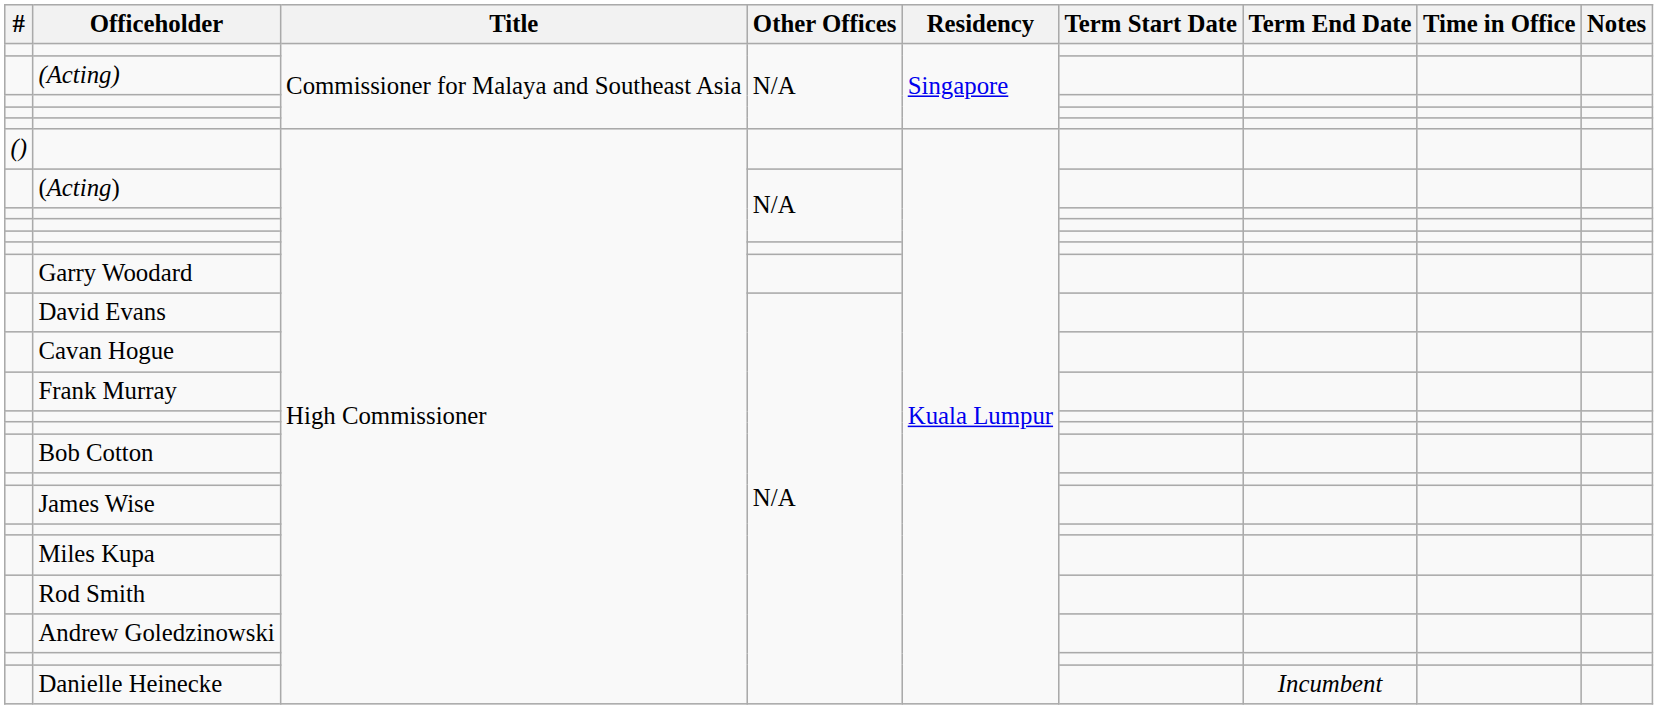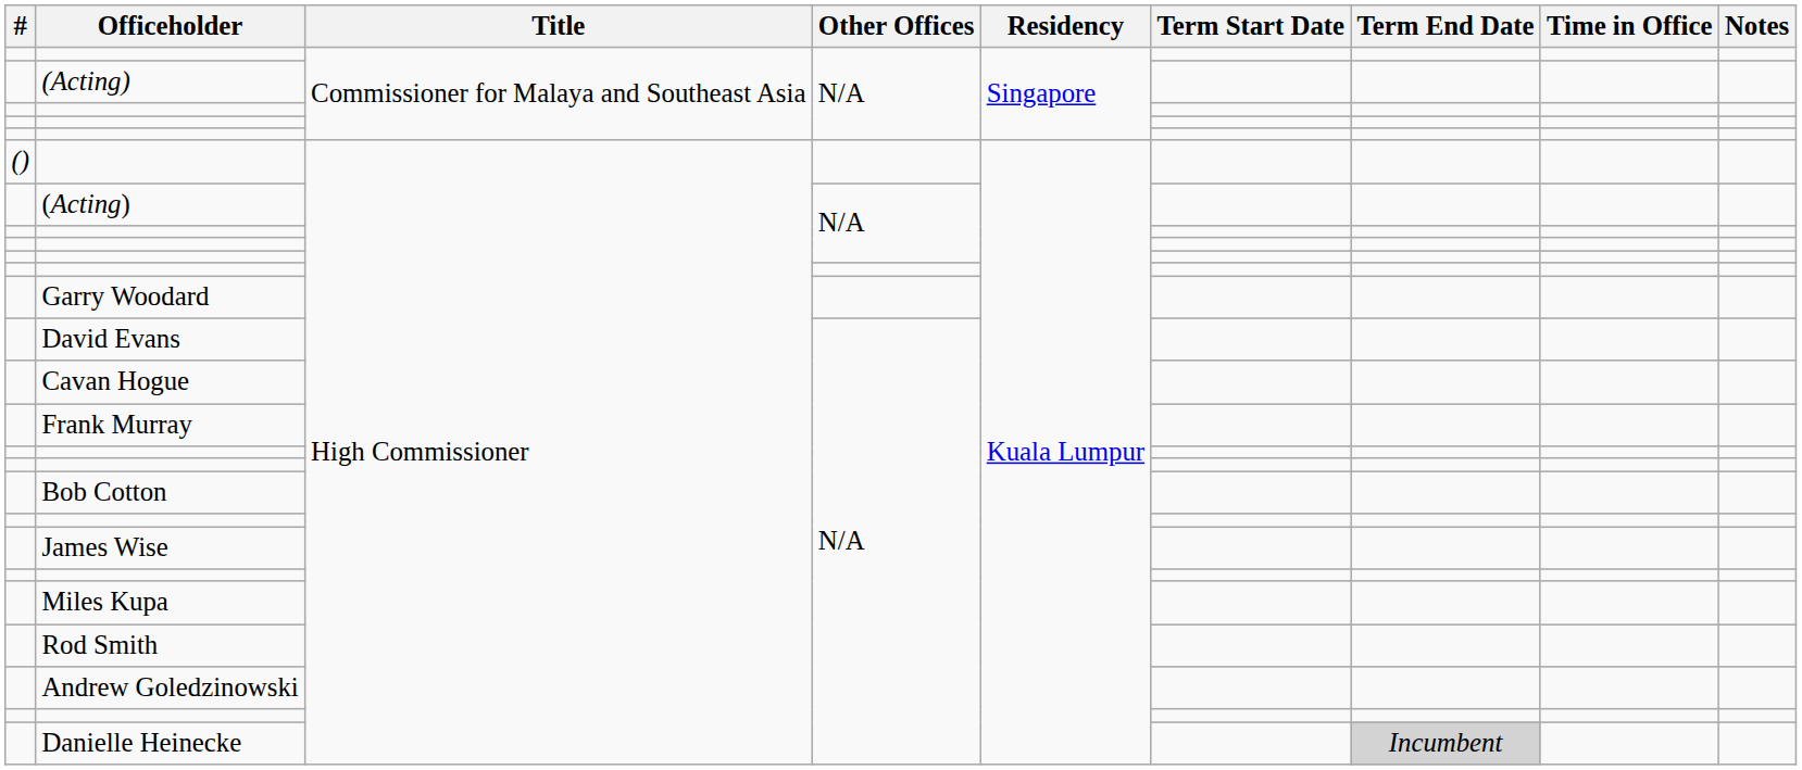 <table class='wikitable sortable'>
 <tr>
 <th>#</th>
 <th>Officeholder</th>
 <th>Title</th>
 <th>Other Offices</th>
 <th>Residency</th>
 <th>Term Start Date</th>
 <th>Term End Date</th>
 <th>Time in Office</th>
 <th>Notes</th>
 </tr>
 <tr>
 <td align=center></td>
 <td></td>
 <td rowspan=5>Commissioner for Malaya and Southeast Asia</td>
 <td rowspan=5>N/A</td>
 <td rowspan=5><a href='#'>Singapore</a></td>
 <td align=center></td>
 <td align=center></td>
 <td align=center></td>
 <td></td>
 </tr>
 <tr>
 <td align=center></td>
 <td> <em>(Acting)</em></td>
 <td align=center></td>
 <td align=center></td>
 <td align=center></td>
 <td></td>
 </tr>
 <tr>
 <td align=center></td>
 <td></td>
 <td align=center></td>
 <td align=center></td>
 <td align=center></td>
 <td></td>
 </tr>
 <tr>
 <td align=center></td>
 <td></td>
 <td align=center></td>
 <td align=center></td>
 <td align=center></td>
 <td></td>
 </tr>
 <tr>
 <td align=center></td>
 <td></td>
 <td align=center></td>
 <td align=center></td>
 <td align=center></td>
 <td></td>
 </tr>
 <tr>
 <td align=center><em>()</em></td>
 <td></td>
 <td rowspan="21">High Commissioner</td>
 <td></td>
 <td rowspan="21"><a href='#'>Kuala Lumpur</a></td>
 <td align=center></td>
 <td align=center></td>
 <td align=center></td>
 <td></td>
 </tr>
 <tr>
 <td align=center></td>
 <td> (<em>Acting</em>)</td>
 <td rowspan=4>N/A</td>
 <td align=center></td>
 <td align=center></td>
 <td align=center></td>
 <td></td>
 </tr>
 <tr>
 <td align=center></td>
 <td></td>
 <td align=center></td>
 <td align=center></td>
 <td align=center></td>
 <td></td>
 </tr>
 <tr>
 <td align=center></td>
 <td></td>
 <td align=center></td>
 <td align=center></td>
 <td align=center></td>
 <td></td>
 </tr>
 <tr>
 <td align=center></td>
 <td></td>
 <td align=center></td>
 <td align=center></td>
 <td align=center></td>
 <td></td>
 </tr>
 <tr>
 <td align=center></td>
 <td></td>
 <td></td>
 <td align=center></td>
 <td align=center></td>
 <td align=center></td>
 <td></td>
 </tr>
 <tr>
 <td align=center></td>
 <td>Garry Woodard</td>
 <td></td>
 <td align=center></td>
 <td align=center></td>
 <td align=center></td>
 <td></td>
 </tr>
 <tr>
 <td align=center></td>
 <td>David Evans</td>
 <td rowspan="14">N/A</td>
 <td align=center></td>
 <td align=center></td>
 <td align=center></td>
 <td></td>
 </tr>
 <tr>
 <td align=center></td>
 <td>Cavan Hogue</td>
 <td align=center></td>
 <td align=center></td>
 <td align=center></td>
 <td></td>
 </tr>
 <tr>
 <td align=center></td>
 <td>Frank Murray</td>
 <td align=center></td>
 <td align=center></td>
 <td align=center></td>
 <td></td>
 </tr>
 <tr>
 <td align=center></td>
 <td></td>
 <td align=center></td>
 <td align=center></td>
 <td align=center></td>
 <td></td>
 </tr>
 <tr>
 <td align=center></td>
 <td></td>
 <td align=center></td>
 <td align=center></td>
 <td align=center></td>
 <td></td>
 </tr>
 <tr>
 <td align=center></td>
 <td>Bob Cotton</td>
 <td align=center></td>
 <td align=center></td>
 <td align=center></td>
 <td></td>
 </tr>
 <tr>
 <td align=center></td>
 <td></td>
 <td align=center></td>
 <td align=center></td>
 <td align=center></td>
 <td></td>
 </tr>
 <tr>
 <td align=center></td>
 <td>James Wise</td>
 <td align=center></td>
 <td align=center></td>
 <td align=center></td>
 <td></td>
 </tr>
 <tr>
 <td align=center></td>
 <td></td>
 <td align=center></td>
 <td align=center></td>
 <td align=center></td>
 <td></td>
 </tr>
 <tr>
 <td align=center></td>
 <td>Miles Kupa</td>
 <td align=center></td>
 <td align=center></td>
 <td align=center></td>
 <td></td>
 </tr>
 <tr>
 <td align=center></td>
 <td>Rod Smith</td>
 <td align=center></td>
 <td align=center></td>
 <td align=center></td>
 <td></td>
 </tr>
 <tr>
 <td align=center></td>
 <td>Andrew Goledzinowski</td>
 <td align=center></td>
 <td align=center></td>
 <td align=center></td>
 <td></td>
 </tr>
 <tr>
 <td align=center></td>
 <td></td>
 <td align=center></td>
 <td align=center></td>
 <td align=center></td>
 <td></td>
 </tr>
 <tr>
 <td align=center></td>
 <td>Danielle Heinecke</td>
 <td align=center></td>
-<td align=center><em>Incumbent</em></td>
+<td align=center style="background: lightgrey;"><em>Incumbent</em></td>
 <td align=center></td>
 <td></td>
 </tr>
 </table>
